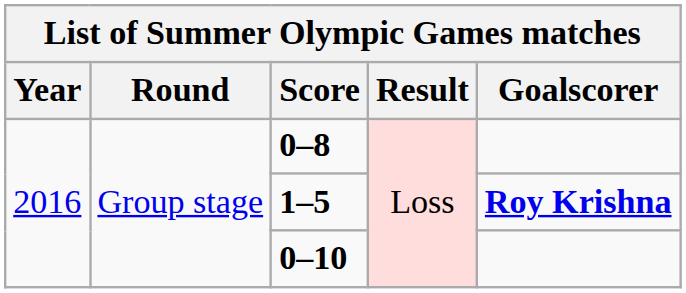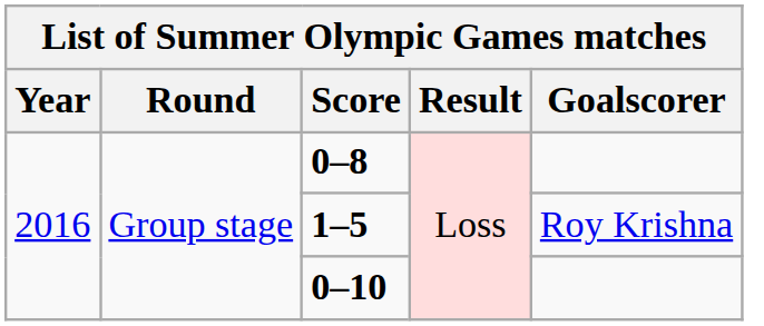 <table class="wikitable collapsible collapsed" style="text-align: center;font-size:90%;">
 <tr>
 <th colspan=5>List of Summer Olympic Games matches</th>
 </tr>
 <tr>
 <th>Year</th>
 <th>Round</th>
 <th>Score</th>
 <th>Result</th>
 <th>Goalscorer</th>
 </tr>
 <tr>
 <td rowspan=3><a href='#'>2016</a></td>
 <td rowspan="3"><a href='#'>Group stage</a></td>
 <td align="left"> <strong>0–8</strong> </td>
 <td style="background-color:#ffdddd" rowspan="3">Loss</td>
 <td></td>
 </tr>
 <tr>
 <td align="left"> <strong>1–5</strong> </td>
-<td><strong><a href='#'>Roy Krishna</a></strong></td>
+<td><a href='#'>Roy Krishna</a></td>
 </tr>
 <tr>
 <td align="left"> <strong>0–10</strong> </td>
 <td></td>
 </tr>
 </table>
